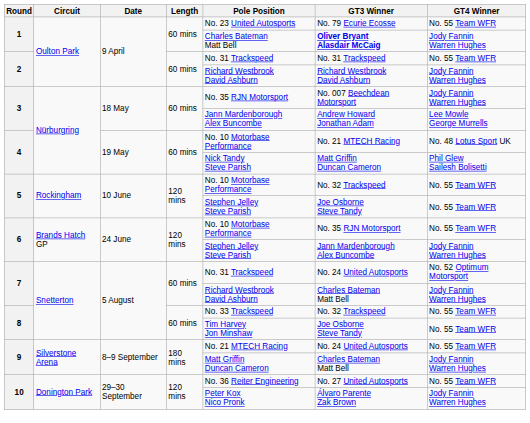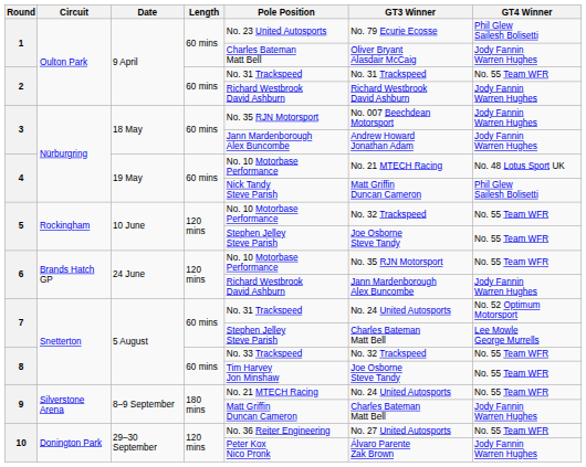 <table class="wikitable" style="font-size: 85%">
 <tr>
 <th>Round</th>
 <th>Circuit</th>
 <th>Date</th>
 <th>Length</th>
 <th>Pole Position</th>
 <th>GT3 Winner</th>
 <th>GT4 Winner</th>
 </tr>
 <tr>
 <th rowspan=2>1</th>
 <td rowspan=4><a href='#'>Oulton Park</a></td>
 <td rowspan=4>9 April</td>
 <td rowspan=2>60 mins</td>
 <td>No. 23 <a href='#'>United Autosports</a></td>
 <td>No. 79 <a href='#'>Ecurie Ecosse</a></td>
-<td>No. 55 <a href='#'>Team WFR</a></td>
+<td> <a href='#'>Phil Glew</a><br> <a href='#'>Sailesh Bolisetti</a></td>
 </tr>
 <tr>
 <td> <a href='#'>Charles Bateman</a><br> Matt Bell</td>
-<td><strong> <a href='#'>Oliver Bryant</a><br> <a href='#'>Alasdair McCaig</a></strong></td>
+<td> <a href='#'>Oliver Bryant</a><br> <a href='#'>Alasdair McCaig</a></td>
 <td> <a href='#'>Jody Fannin</a><br> <a href='#'>Warren Hughes</a></td>
 </tr>
 <tr>
 <th rowspan=2>2</th>
 <td rowspan=2>60 mins</td>
 <td>No. 31 <a href='#'>Trackspeed</a></td>
 <td>No. 31 <a href='#'>Trackspeed</a></td>
 <td>No. 55 <a href='#'>Team WFR</a></td>
 </tr>
 <tr>
 <td> <a href='#'>Richard Westbrook</a><br> <a href='#'>David Ashburn</a></td>
 <td> <a href='#'>Richard Westbrook</a><br> <a href='#'>David Ashburn</a></td>
 <td> <a href='#'>Jody Fannin</a><br> <a href='#'>Warren Hughes</a></td>
 </tr>
 <tr>
 <th rowspan=2>3</th>
 <td rowspan=4><a href='#'>Nürburgring</a></td>
 <td rowspan=2>18 May</td>
 <td rowspan=2>60 mins</td>
 <td>No. 35 <a href='#'>RJN Motorsport</a></td>
 <td>No. 007 <a href='#'>Beechdean Motorsport</a></td>
 <td> <a href='#'>Jody Fannin</a><br> <a href='#'>Warren Hughes</a></td>
 </tr>
 <tr>
 <td> <a href='#'>Jann Mardenborough</a><br> <a href='#'>Alex Buncombe</a></td>
 <td> <a href='#'>Andrew Howard</a><br> <a href='#'>Jonathan Adam</a></td>
-<td> <a href='#'>Lee Mowle</a><br> <a href='#'>George Murrells</a></td>
+<td> <a href='#'>Jody Fannin</a><br> <a href='#'>Warren Hughes</a></td>
 </tr>
 <tr>
 <th rowspan=2>4</th>
 <td rowspan=2>19 May</td>
 <td rowspan=2>60 mins</td>
 <td>No. 10 <a href='#'>Motorbase Performance</a></td>
 <td>No. 21 <a href='#'>MTECH Racing</a></td>
 <td>No. 48 <a href='#'>Lotus Sport</a> UK</td>
 </tr>
 <tr>
 <td> <a href='#'>Nick Tandy</a><br> <a href='#'>Steve Parish</a></td>
 <td> <a href='#'>Matt Griffin</a><br> <a href='#'>Duncan Cameron</a></td>
 <td> <a href='#'>Phil Glew</a><br> <a href='#'>Sailesh Bolisetti</a></td>
 </tr>
 <tr>
 <th rowspan=2>5</th>
 <td rowspan=2><a href='#'>Rockingham</a></td>
 <td rowspan=2>10 June</td>
 <td rowspan=2>120 mins</td>
 <td>No. 10 <a href='#'>Motorbase Performance</a></td>
 <td>No. 32 <a href='#'>Trackspeed</a></td>
 <td>No. 55 <a href='#'>Team WFR</a></td>
 </tr>
 <tr>
 <td> <a href='#'>Stephen Jelley</a><br> <a href='#'>Steve Parish</a></td>
 <td> <a href='#'>Joe Osborne</a><br> <a href='#'>Steve Tandy</a></td>
 <td>No. 55 <a href='#'>Team WFR</a></td>
 </tr>
 <tr>
 <th rowspan=2>6</th>
 <td rowspan=2><a href='#'>Brands Hatch</a> GP</td>
 <td rowspan=2>24 June</td>
 <td rowspan=2>120 mins</td>
 <td>No. 10 <a href='#'>Motorbase Performance</a></td>
 <td>No. 35 <a href='#'>RJN Motorsport</a></td>
 <td>No. 55 <a href='#'>Team WFR</a></td>
 </tr>
 <tr>
-<td> <a href='#'>Stephen Jelley</a><br> <a href='#'>Steve Parish</a></td>
+<td> <a href='#'>Richard Westbrook</a><br> <a href='#'>David Ashburn</a></td>
 <td> <a href='#'>Jann Mardenborough</a><br> <a href='#'>Alex Buncombe</a></td>
 <td> <a href='#'>Jody Fannin</a><br> <a href='#'>Warren Hughes</a></td>
 </tr>
 <tr>
 <th rowspan=2>7</th>
 <td rowspan=4><a href='#'>Snetterton</a></td>
 <td rowspan=4>5 August</td>
 <td rowspan=2>60 mins</td>
 <td>No. 31 <a href='#'>Trackspeed</a></td>
 <td>No. 24 <a href='#'>United Autosports</a></td>
 <td>No. 52 <a href='#'>Optimum Motorsport</a></td>
 </tr>
 <tr>
-<td> <a href='#'>Richard Westbrook</a><br> <a href='#'>David Ashburn</a></td>
+<td> <a href='#'>Stephen Jelley</a><br> <a href='#'>Steve Parish</a></td>
 <td> <a href='#'>Charles Bateman</a><br> Matt Bell</td>
-<td> <a href='#'>Jody Fannin</a><br> <a href='#'>Warren Hughes</a></td>
+<td> <a href='#'>Lee Mowle</a><br> <a href='#'>George Murrells</a></td>
 </tr>
 <tr>
 <th rowspan=2>8</th>
 <td rowspan=2>60 mins</td>
 <td>No. 33 <a href='#'>Trackspeed</a></td>
 <td>No. 32 <a href='#'>Trackspeed</a></td>
 <td>No. 55 <a href='#'>Team WFR</a></td>
 </tr>
 <tr>
 <td> <a href='#'>Tim Harvey</a><br> <a href='#'>Jon Minshaw</a></td>
 <td> <a href='#'>Joe Osborne</a><br> <a href='#'>Steve Tandy</a></td>
 <td>No. 55 <a href='#'>Team WFR</a></td>
 </tr>
 <tr>
 <th rowspan=2>9</th>
 <td rowspan=2><a href='#'>Silverstone Arena</a></td>
 <td rowspan=2>8–9 September</td>
 <td rowspan=2>180 mins</td>
 <td>No. 21 <a href='#'>MTECH Racing</a></td>
 <td>No. 24 <a href='#'>United Autosports</a></td>
 <td>No. 55 <a href='#'>Team WFR</a></td>
 </tr>
 <tr>
 <td> <a href='#'>Matt Griffin</a><br> <a href='#'>Duncan Cameron</a></td>
 <td> <a href='#'>Charles Bateman</a><br> Matt Bell</td>
 <td> <a href='#'>Jody Fannin</a><br> <a href='#'>Warren Hughes</a></td>
 </tr>
 <tr>
 <th rowspan=2>10</th>
 <td rowspan=2><a href='#'>Donington Park</a></td>
 <td rowspan=2>29–30 September</td>
 <td rowspan=2>120 mins</td>
 <td>No. 36 <a href='#'>Reiter Engineering</a></td>
 <td>No. 27 <a href='#'>United Autosports</a></td>
 <td>No. 55 <a href='#'>Team WFR</a></td>
 </tr>
 <tr>
 <td> <a href='#'>Peter Kox</a><br> <a href='#'>Nico Pronk</a></td>
 <td> <a href='#'>Álvaro Parente</a><br> <a href='#'>Zak Brown</a></td>
 <td> <a href='#'>Jody Fannin</a><br> <a href='#'>Warren Hughes</a></td>
 </tr>
 </table>
